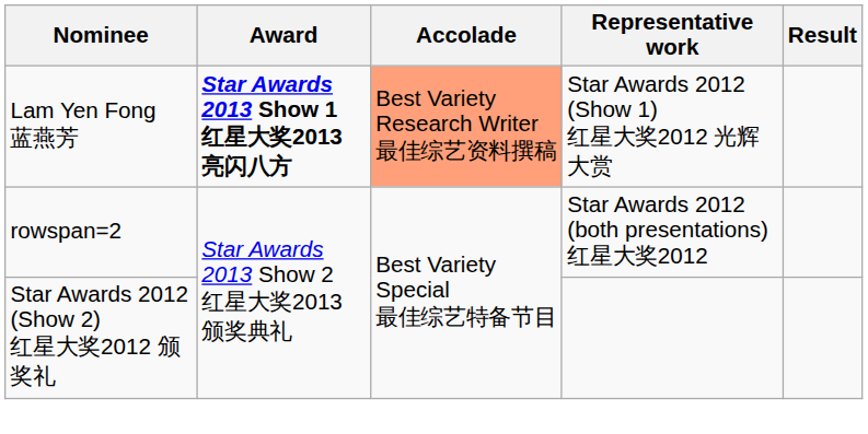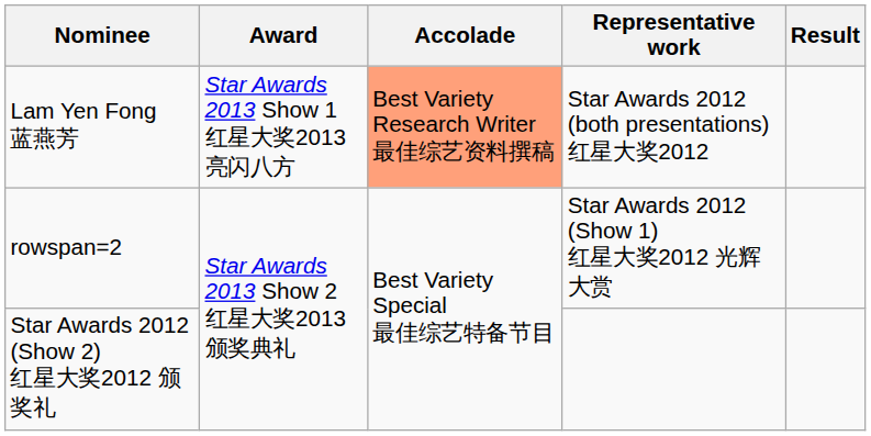 <table class="wikitable sortable">
 <tr>
 <th>Nominee</th>
 <th>Award</th>
 <th>Accolade</th>
 <th>Representative work</th>
 <th class="unsortable">Result</th>
 </tr>
 <tr>
 <td>Lam Yen Fong<br>蓝燕芳</td>
-<td><strong><em><a href='#'>Star Awards 2013</a></em> Show 1<br>红星大奖2013 亮闪八方</strong></td>
+<td><em><a href='#'>Star Awards 2013</a></em> Show 1<br>红星大奖2013 亮闪八方</td>
 <td style="background: lightsalmon;">Best Variety Research Writer<br>最佳综艺资料撰稿</td>
-<td>Star Awards 2012 (Show 1)<br>红星大奖2012 光辉大赏</td>
+<td>Star Awards 2012<br>(both presentations)<br>红星大奖2012</td>
 <td></td>
 </tr>
 <tr>
 <td>rowspan=2 </td>
 <td rowspan=2><em><a href='#'>Star Awards 2013</a></em> Show 2<br>红星大奖2013 颁奖典礼</td>
 <td rowspan=2>Best Variety Special<br>最佳综艺特备节目</td>
-<td>Star Awards 2012<br>(both presentations)<br>红星大奖2012</td>
+<td>Star Awards 2012 (Show 1)<br>红星大奖2012 光辉大赏</td>
 <td></td>
 </tr>
 <tr>
 <td>Star Awards 2012 (Show 2)<br>红星大奖2012 颁奖礼</td>
 <td></td>
 </tr>
 </table>
